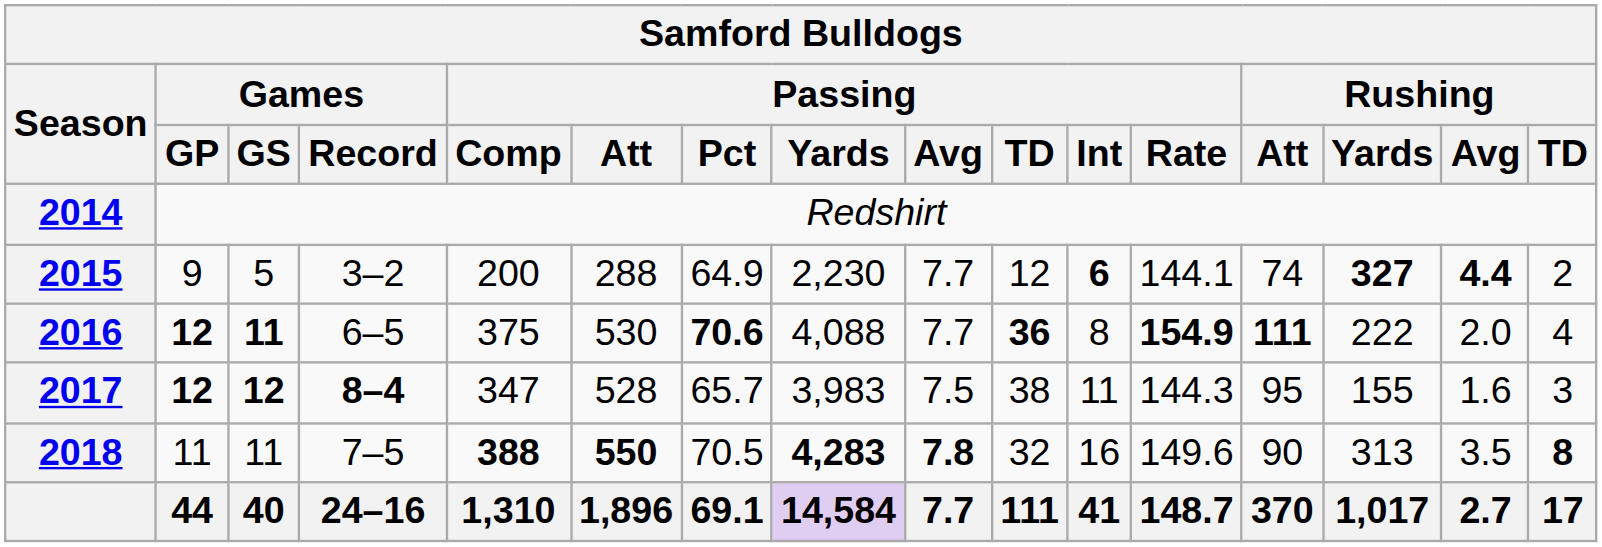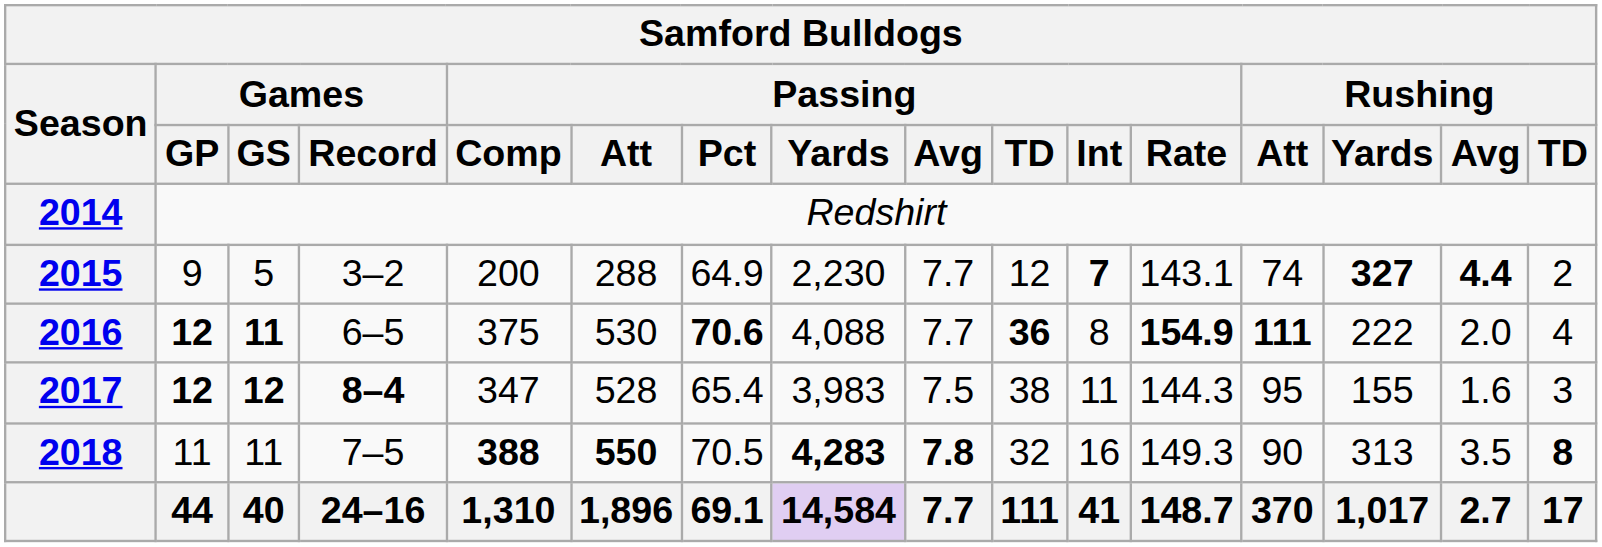 <table class="wikitable" style="text-align:center;">
 <tr>
 <th colspan="16">Samford Bulldogs</th>
 </tr>
 <tr>
 <th rowspan="2">Season</th>
 <th colspan="3">Games</th>
 <th colspan="8">Passing</th>
 <th colspan="4">Rushing</th>
 </tr>
 <tr>
 <th>GP</th>
 <th>GS</th>
 <th>Record</th>
 <th>Comp</th>
 <th>Att</th>
 <th>Pct</th>
 <th>Yards</th>
 <th>Avg</th>
 <th>TD</th>
 <th>Int</th>
 <th>Rate</th>
 <th>Att</th>
 <th>Yards</th>
 <th>Avg</th>
 <th>TD</th>
 </tr>
 <tr>
 <th><a href='#'>2014</a></th>
 <td colspan="15"><em>Redshirt </em></td>
 </tr>
 <tr>
 <th><a href='#'>2015</a></th>
 <td>9</td>
 <td>5</td>
 <td>3–2</td>
 <td>200</td>
 <td>288</td>
 <td>64.9</td>
 <td>2,230</td>
 <td>7.7</td>
 <td>12</td>
-<td><strong>6</strong></td>
-<td>144.1</td>
+<td><strong>7</strong></td>
+<td>143.1</td>
 <td>74</td>
 <td><strong>327</strong></td>
 <td><strong>4.4</strong></td>
 <td>2</td>
 </tr>
 <tr>
 <th><a href='#'>2016</a></th>
 <td><strong>12</strong></td>
 <td><strong>11</strong></td>
 <td>6–5</td>
 <td>375</td>
 <td>530</td>
 <td><strong>70.6</strong></td>
 <td>4,088</td>
 <td>7.7</td>
 <td><strong>36</strong></td>
 <td>8</td>
 <td><strong>154.9</strong></td>
 <td><strong>111</strong></td>
 <td>222</td>
 <td>2.0</td>
 <td>4</td>
 </tr>
 <tr>
 <th><a href='#'>2017</a></th>
 <td><strong>12</strong></td>
 <td><strong>12</strong></td>
 <td><strong>8–4</strong></td>
 <td>347</td>
 <td>528</td>
-<td>65.7</td>
+<td>65.4</td>
 <td>3,983</td>
 <td>7.5</td>
 <td>38</td>
 <td>11</td>
 <td>144.3</td>
 <td>95</td>
 <td>155</td>
 <td>1.6</td>
 <td>3</td>
 </tr>
 <tr>
 <th><a href='#'>2018</a></th>
 <td>11</td>
 <td>11</td>
 <td>7–5</td>
 <td><strong>388</strong></td>
 <td><strong>550</strong></td>
 <td>70.5</td>
 <td><strong>4,283</strong></td>
 <td><strong>7.8</strong></td>
 <td>32</td>
 <td>16</td>
-<td>149.6</td>
+<td>149.3</td>
 <td>90</td>
 <td>313</td>
 <td>3.5</td>
 <td><strong>8</strong></td>
 </tr>
 <tr>
 <th></th>
 <th>44</th>
 <th>40</th>
 <th>24–16</th>
 <th>1,310</th>
 <th>1,896</th>
 <th>69.1</th>
 <th style="background:#e0cef2;">14,584</th>
 <th>7.7</th>
 <th>111</th>
 <th>41</th>
 <th>148.7</th>
 <th>370</th>
 <th>1,017</th>
 <th>2.7</th>
 <th>17</th>
 </tr>
 </table>
